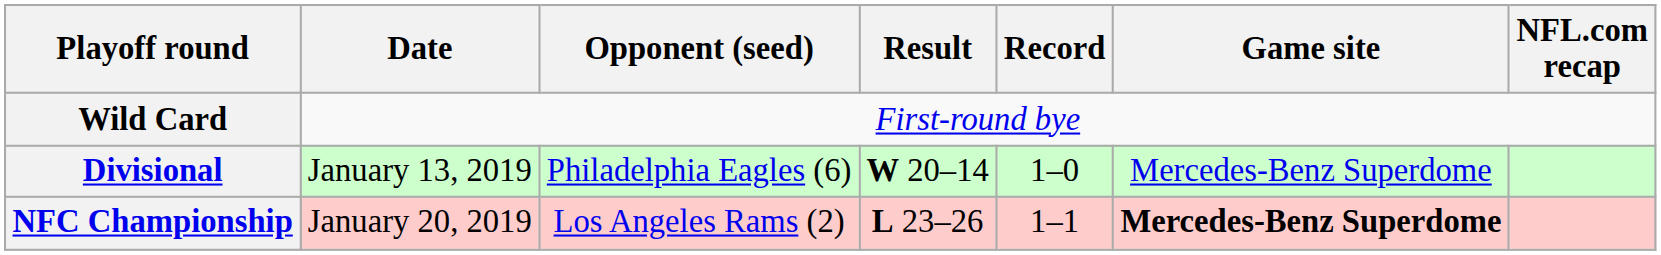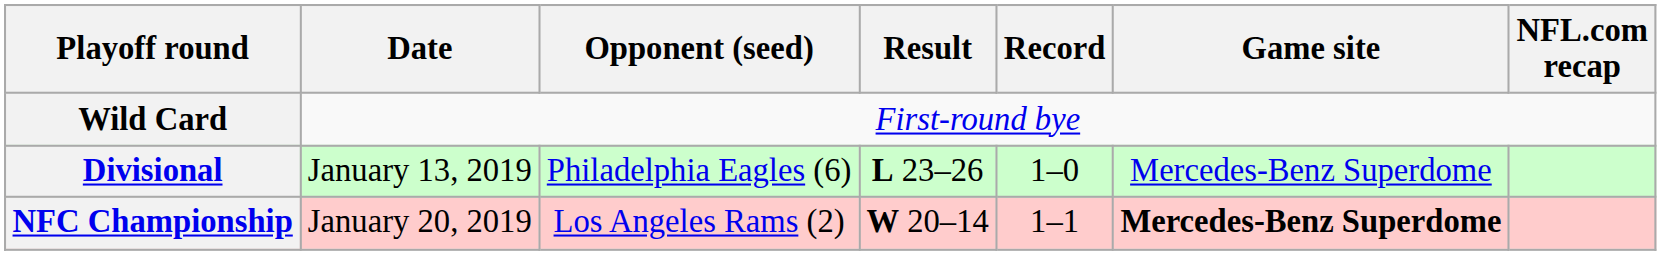 <table class="wikitable" style="text-align:center">
 <tr>
 <th>Playoff round</th>
 <th>Date</th>
 <th>Opponent (seed)</th>
 <th>Result</th>
 <th>Record</th>
 <th>Game site</th>
 <th>NFL.com<br>recap</th>
 </tr>
 <tr>
 <th>Wild Card</th>
 <td colspan=6><em><a href='#'>First-round bye</a></em></td>
 </tr>
 <tr style="background:#cfc">
 <th><a href='#'>Divisional</a></th>
 <td>January 13, 2019</td>
 <td><a href='#'>Philadelphia Eagles</a> (6)</td>
-<td><strong>W</strong> 20–14</td>
+<td><strong>L</strong> 23–26 </td>
 <td>1–0</td>
 <td><a href='#'>Mercedes-Benz Superdome</a></td>
 <td></td>
 </tr>
 <tr style="background:#fcc">
 <th><a href='#'>NFC Championship</a></th>
 <td>January 20, 2019</td>
 <td><a href='#'>Los Angeles Rams</a> (2)</td>
-<td><strong>L</strong> 23–26 </td>
+<td><strong>W</strong> 20–14</td>
 <td>1–1</td>
 <td><strong>Mercedes-Benz Superdome</strong></td>
 <td></td>
 </tr>
 </table>
